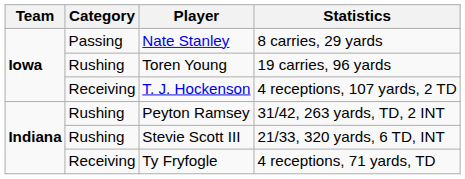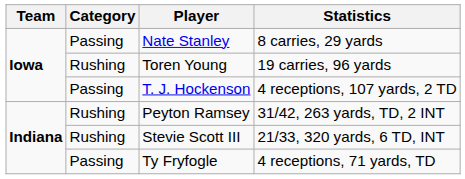 <table class="wikitable" style="float: right;">
 <tr>
 <th>Team</th>
 <th>Category</th>
 <th>Player</th>
 <th>Statistics</th>
 </tr>
 <tr>
 <td rowspan=3><strong>Iowa</strong></td>
 <td>Passing</td>
 <td><a href='#'>Nate Stanley</a></td>
 <td>8 carries, 29 yards</td>
 </tr>
 <tr>
 <td>Rushing</td>
 <td>Toren Young</td>
 <td>19 carries, 96 yards</td>
 </tr>
 <tr>
-<td>Receiving</td>
+<td>Passing</td>
 <td><a href='#'>T. J. Hockenson</a></td>
 <td>4 receptions, 107 yards, 2 TD</td>
 </tr>
 <tr>
 <td rowspan=3><strong>Indiana</strong></td>
 <td>Rushing</td>
 <td>Peyton Ramsey</td>
 <td>31/42, 263 yards, TD, 2 INT</td>
 </tr>
 <tr>
 <td>Rushing</td>
 <td>Stevie Scott III</td>
 <td>21/33, 320 yards, 6 TD, INT</td>
 </tr>
 <tr>
-<td>Receiving</td>
+<td>Passing</td>
 <td>Ty Fryfogle</td>
 <td>4 receptions, 71 yards, TD</td>
 </tr>
 </table>
